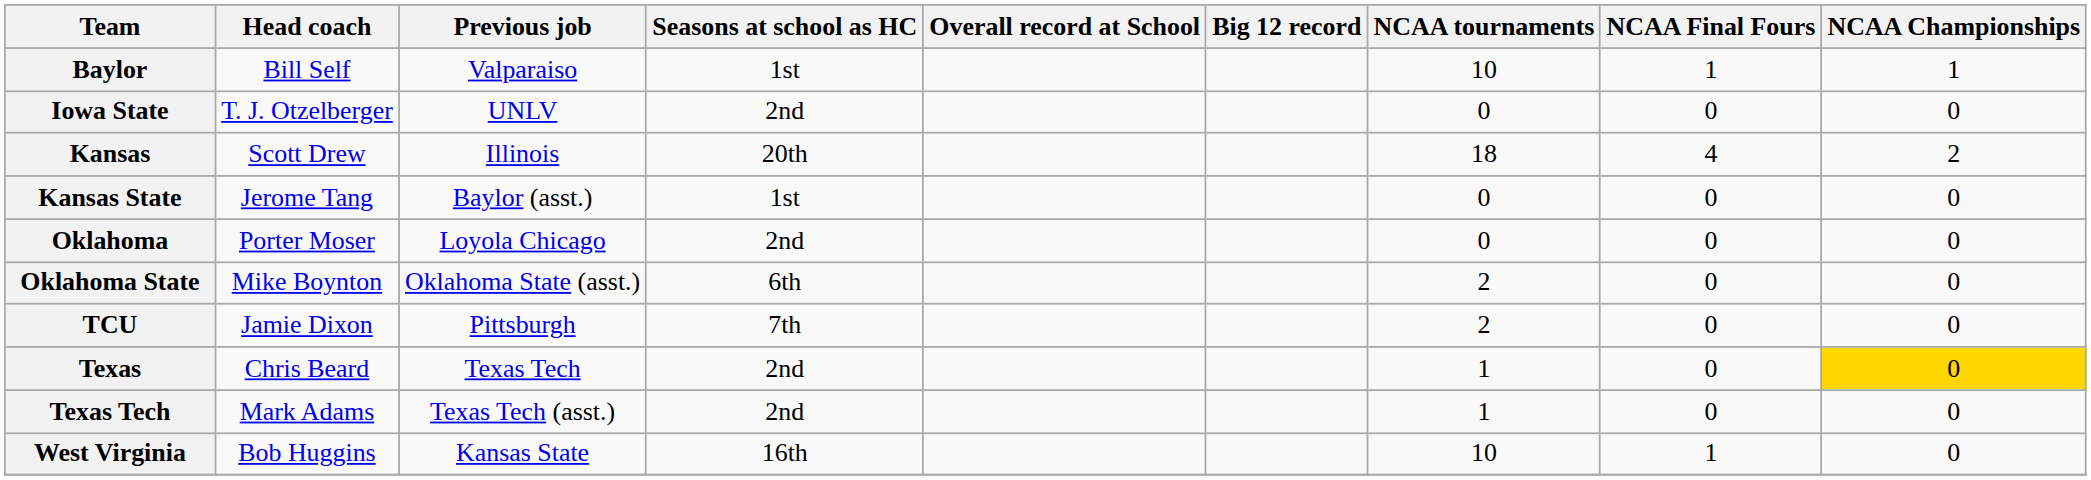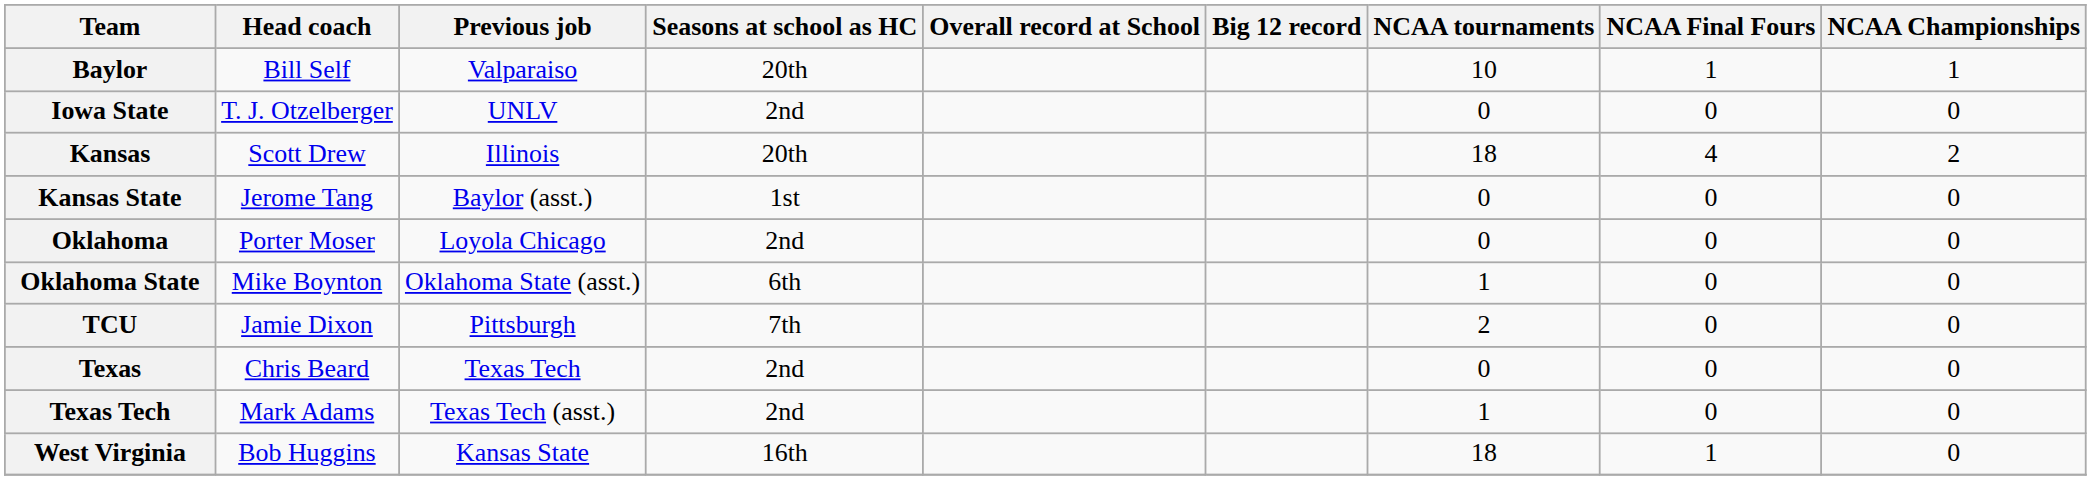 <table class="wikitable sortable" style="text-align: center;font-size:90%;">
 <tr>
 <th width="110">Team</th>
 <th>Head coach</th>
 <th>Previous job</th>
 <th>Seasons at school as HC</th>
 <th>Overall record at School</th>
 <th>Big 12 record</th>
 <th>NCAA tournaments</th>
 <th>NCAA Final Fours</th>
 <th>NCAA Championships</th>
 </tr>
 <tr>
 <th>Baylor</th>
 <td><a href='#'>Bill Self</a></td>
 <td><a href='#'>Valparaiso</a></td>
-<td>1st</td>
+<td>20th</td>
 <td></td>
 <td></td>
 <td>10</td>
 <td>1</td>
 <td>1</td>
 </tr>
 <tr>
 <th>Iowa State</th>
 <td><a href='#'>T. J. Otzelberger</a></td>
 <td><a href='#'>UNLV</a></td>
 <td>2nd</td>
 <td></td>
 <td></td>
 <td>0</td>
 <td>0</td>
 <td>0</td>
 </tr>
 <tr>
 <th>Kansas</th>
 <td><a href='#'>Scott Drew</a></td>
 <td><a href='#'>Illinois</a></td>
 <td>20th</td>
 <td></td>
 <td></td>
 <td>18</td>
 <td>4</td>
 <td>2</td>
 </tr>
 <tr>
 <th>Kansas State</th>
 <td><a href='#'>Jerome Tang</a></td>
 <td><a href='#'>Baylor</a> (asst.)</td>
 <td>1st</td>
 <td></td>
 <td></td>
 <td>0</td>
 <td>0</td>
 <td>0</td>
 </tr>
 <tr>
 <th>Oklahoma</th>
 <td><a href='#'>Porter Moser</a></td>
 <td><a href='#'>Loyola Chicago</a></td>
 <td>2nd</td>
 <td></td>
 <td></td>
 <td>0</td>
 <td>0</td>
 <td>0</td>
 </tr>
 <tr>
 <th>Oklahoma State</th>
 <td><a href='#'>Mike Boynton</a></td>
 <td><a href='#'>Oklahoma State</a> (asst.)</td>
 <td>6th</td>
 <td></td>
 <td></td>
-<td>2</td>
+<td>1</td>
 <td>0</td>
 <td>0</td>
 </tr>
 <tr>
 <th>TCU</th>
 <td><a href='#'>Jamie Dixon</a></td>
 <td><a href='#'>Pittsburgh</a></td>
 <td>7th</td>
 <td></td>
 <td></td>
 <td>2</td>
 <td>0</td>
 <td>0</td>
 </tr>
 <tr>
 <th>Texas</th>
 <td><a href='#'>Chris Beard</a></td>
 <td><a href='#'>Texas Tech</a></td>
 <td>2nd</td>
 <td></td>
 <td></td>
-<td>1</td>
 <td>0</td>
-<td style="background: gold;">0</td>
+<td>0</td>
+<td>0</td>
 </tr>
 <tr>
 <th>Texas Tech</th>
 <td><a href='#'>Mark Adams</a></td>
 <td><a href='#'>Texas Tech</a> (asst.)</td>
 <td>2nd</td>
 <td></td>
 <td></td>
 <td>1</td>
 <td>0</td>
 <td>0</td>
 </tr>
 <tr>
 <th>West Virginia</th>
 <td><a href='#'>Bob Huggins</a></td>
 <td><a href='#'>Kansas State</a></td>
 <td>16th</td>
 <td></td>
 <td></td>
-<td>10</td>
+<td>18</td>
 <td>1</td>
 <td>0</td>
 </tr>
 <tr>
 </tr>
 </table>
